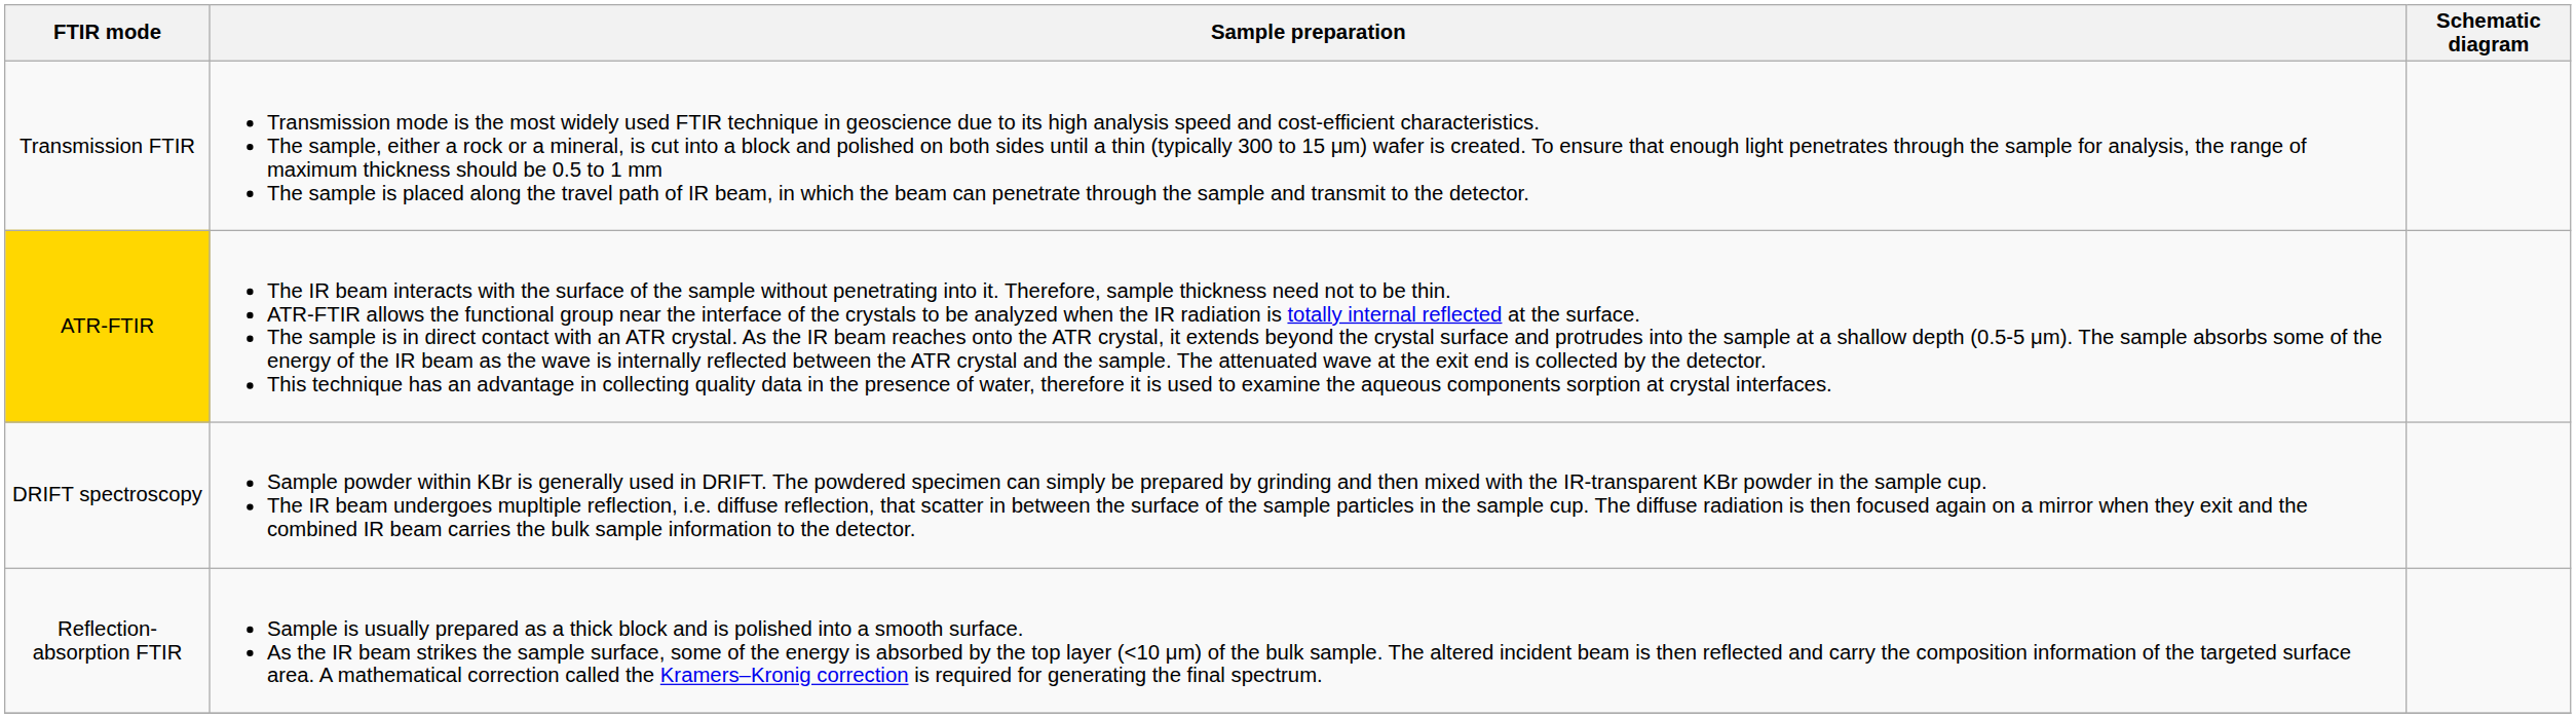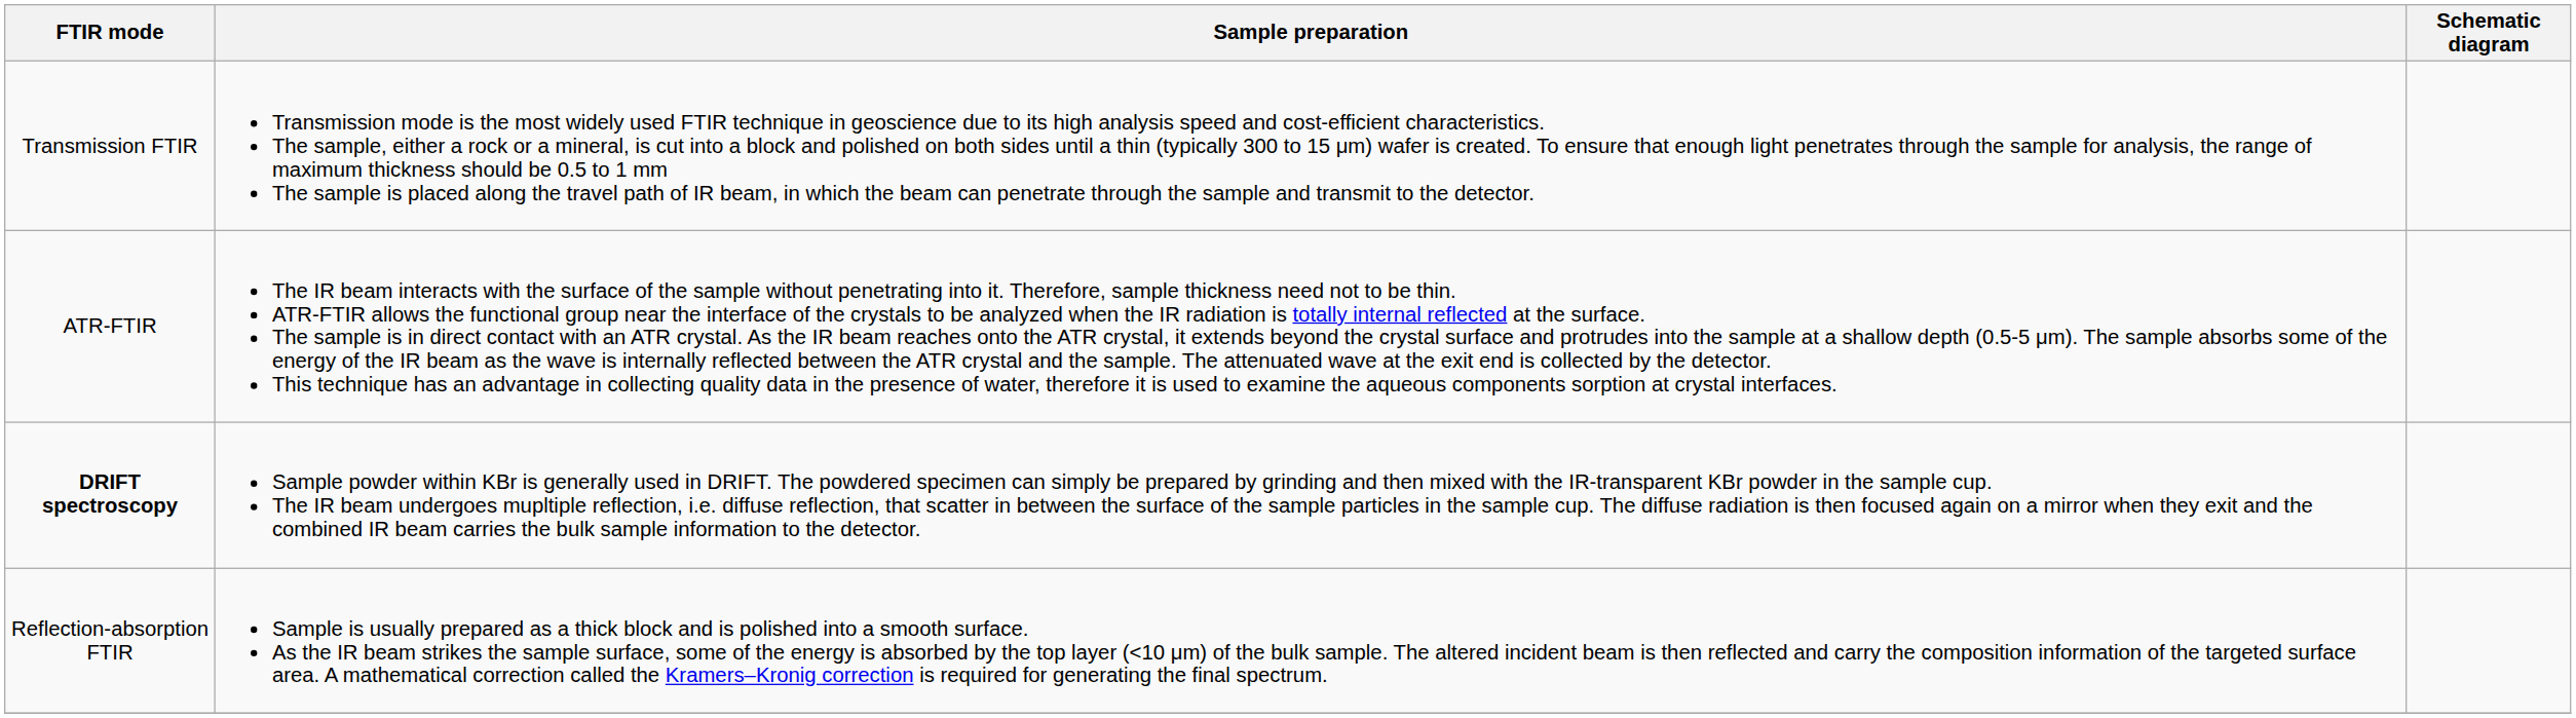 <table class="wikitable">
 <tr>
 <th style="text-align: center;" style="width: 150px;">FTIR mode</th>
 <th>Sample preparation</th>
 <th>Schematic diagram</th>
 </tr>
 <tr>
 <td style="text-align: center;">Transmission FTIR</td>
 <td><br><ul><li>Transmission mode is the most widely used FTIR technique in geoscience due to its high analysis speed and cost-efficient characteristics.</li><li>The sample, either a rock or a mineral, is cut into a block and polished on both sides until a thin (typically 300 to 15 μm) wafer is created. To ensure that enough light penetrates through the sample for analysis, the range of maximum thickness should be 0.5 to 1 mm</li><li>The sample is placed along the travel path of IR beam, in which the beam can penetrate through the sample and transmit to the detector.</li></ul></td>
 <td></td>
 </tr>
 <tr>
-<td style="background: gold; text-align: center;">ATR-FTIR</td>
+<td style="text-align: center;">ATR-FTIR</td>
 <td><br><ul><li>The IR beam interacts with the surface of the sample without penetrating into it. Therefore, sample thickness need not to be thin.</li><li>ATR-FTIR allows the functional group near the interface of the crystals to be analyzed when the IR radiation is <a href='#'>totally internal reflected</a> at the surface.</li><li>The sample is in direct contact with an ATR crystal. As the IR beam reaches onto the ATR crystal, it extends beyond the crystal surface and protrudes into the sample at a shallow depth (0.5-5 μm). The sample absorbs some of the energy of the IR beam as the wave is internally reflected between the ATR crystal and the sample. The attenuated wave at the exit end is collected by the detector.</li><li>This technique has an advantage in collecting quality data in the presence of water, therefore it is used to examine the aqueous components sorption at crystal interfaces.</li></ul></td>
 <td></td>
 </tr>
 <tr>
-<td style="text-align: center;">DRIFT spectroscopy</td>
+<td style="text-align: center;"><strong>DRIFT spectroscopy</strong></td>
 <td><br><ul><li>Sample powder within KBr is generally used in DRIFT. The powdered specimen can simply be prepared by grinding and then mixed with the IR-transparent KBr powder in the sample cup.</li><li>The IR beam undergoes mupltiple reflection, i.e. diffuse reflection, that scatter in between the surface of the sample particles in the sample cup. The diffuse radiation is then focused again on a mirror when they exit and the combined IR beam carries the bulk sample information to the detector.</li></ul></td>
 <td></td>
 </tr>
 <tr>
 <td style="text-align: center;">Reflection-absorption FTIR</td>
 <td><br><ul><li>Sample is usually prepared as a thick block and is polished into a smooth surface.</li><li>As the IR beam strikes the sample surface, some of the energy is absorbed by the top layer (<10 μm) of the bulk sample. The altered incident beam is then reflected and carry the composition information of the targeted surface area. A mathematical correction called the <a href='#'>Kramers–Kronig correction</a> is required for generating the final spectrum.</li></ul></td>
 <td></td>
 </tr>
 <tr>
 </tr>
 </table>
